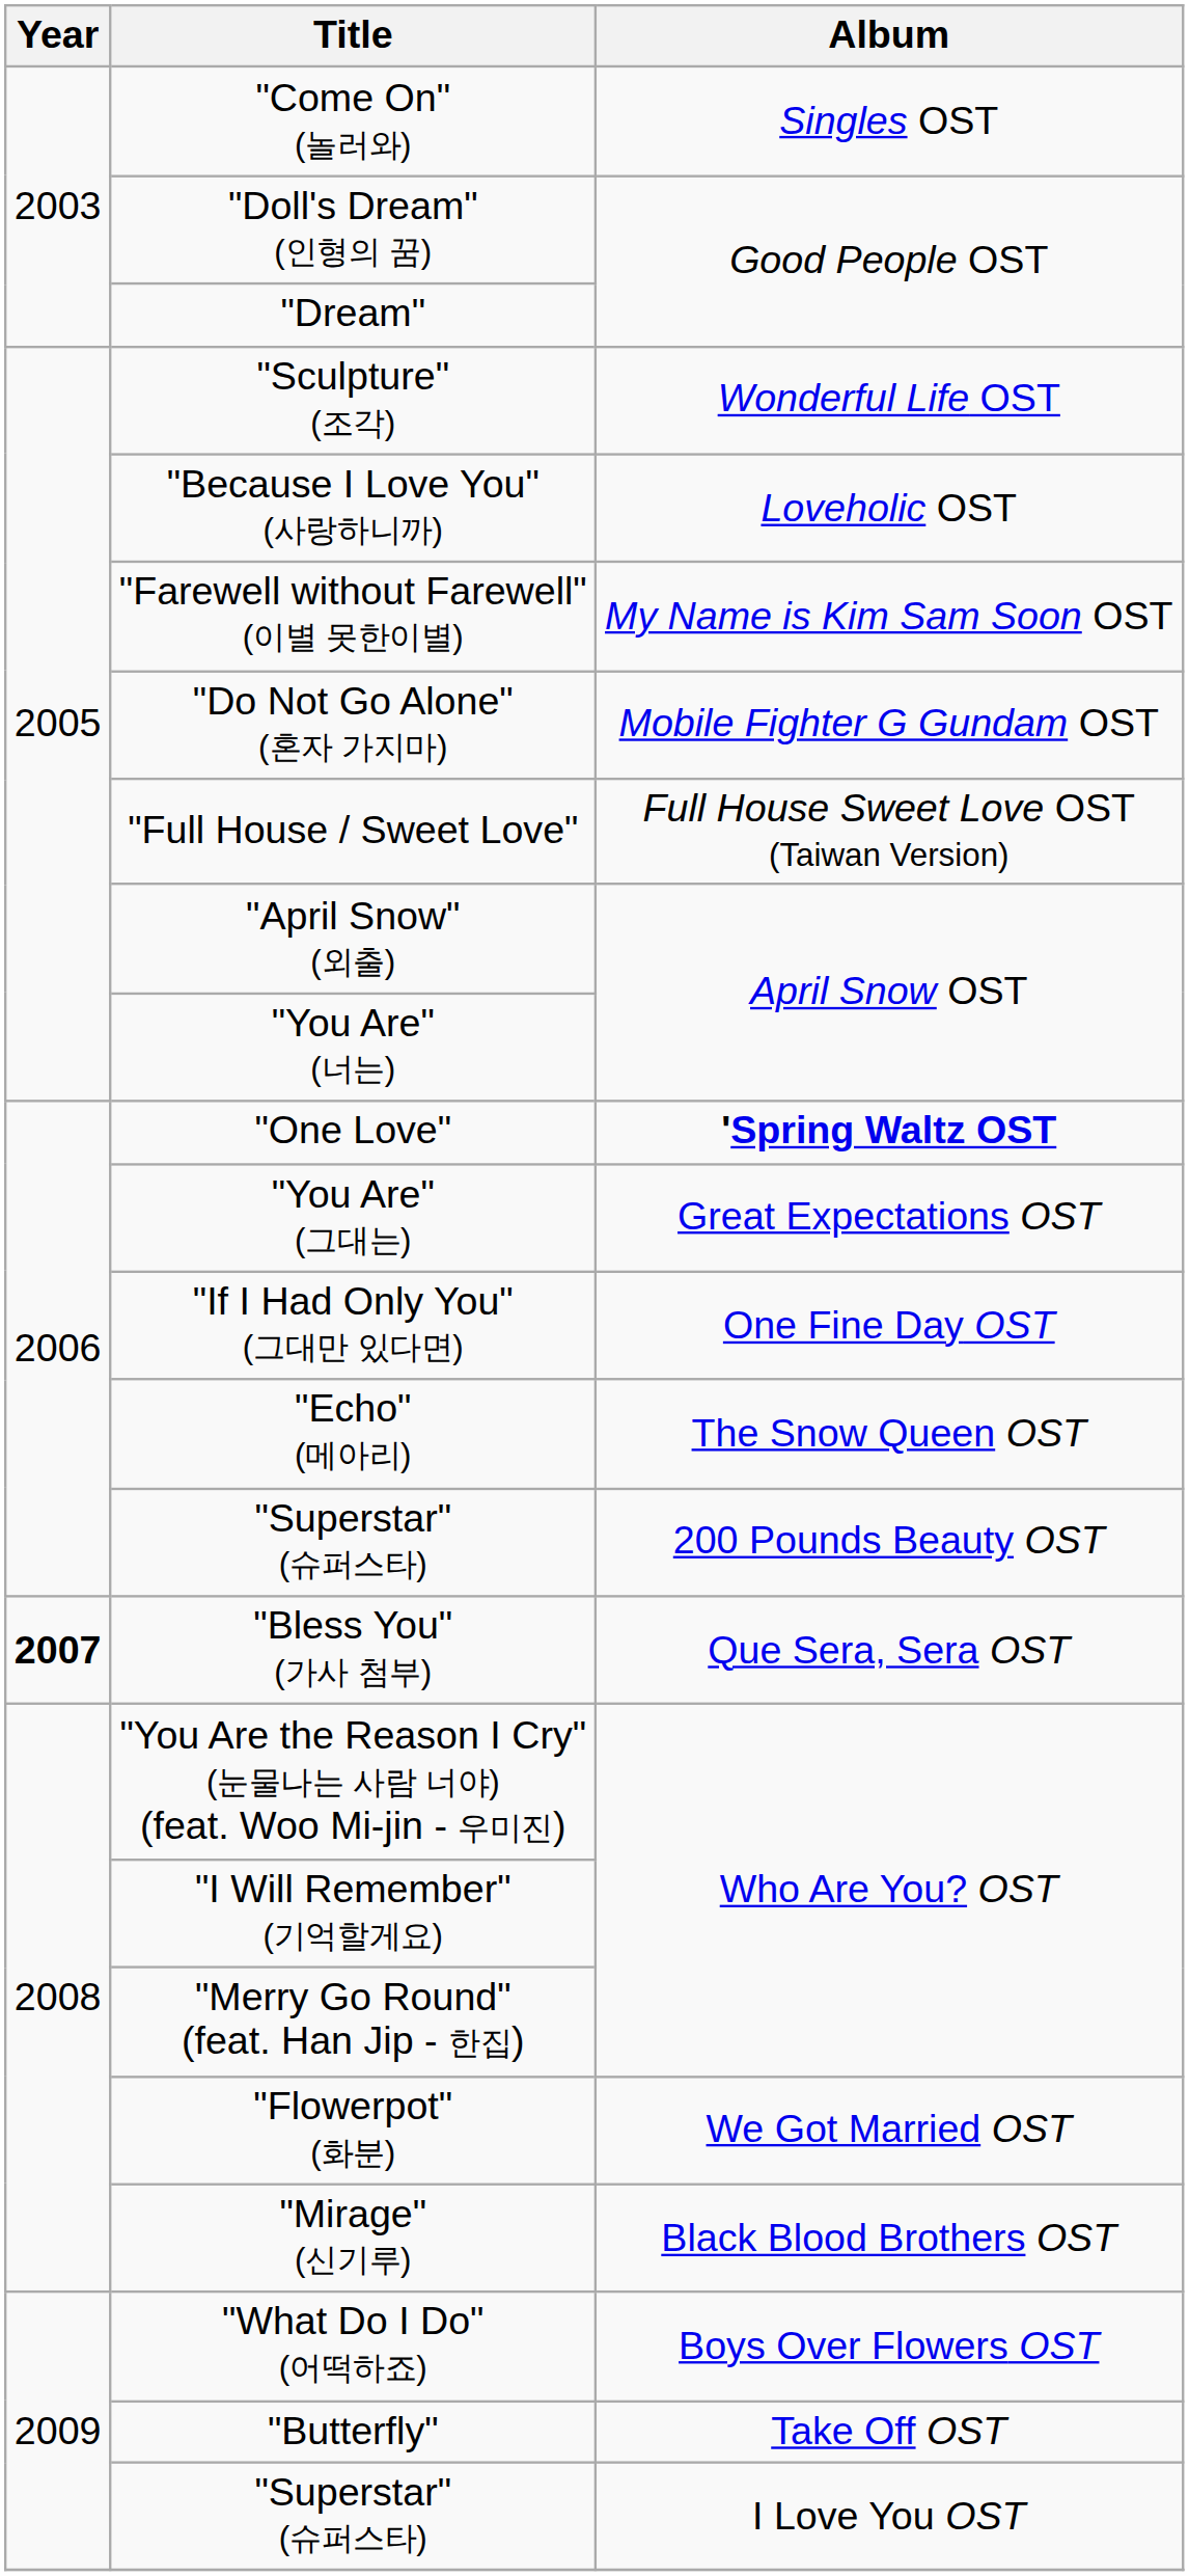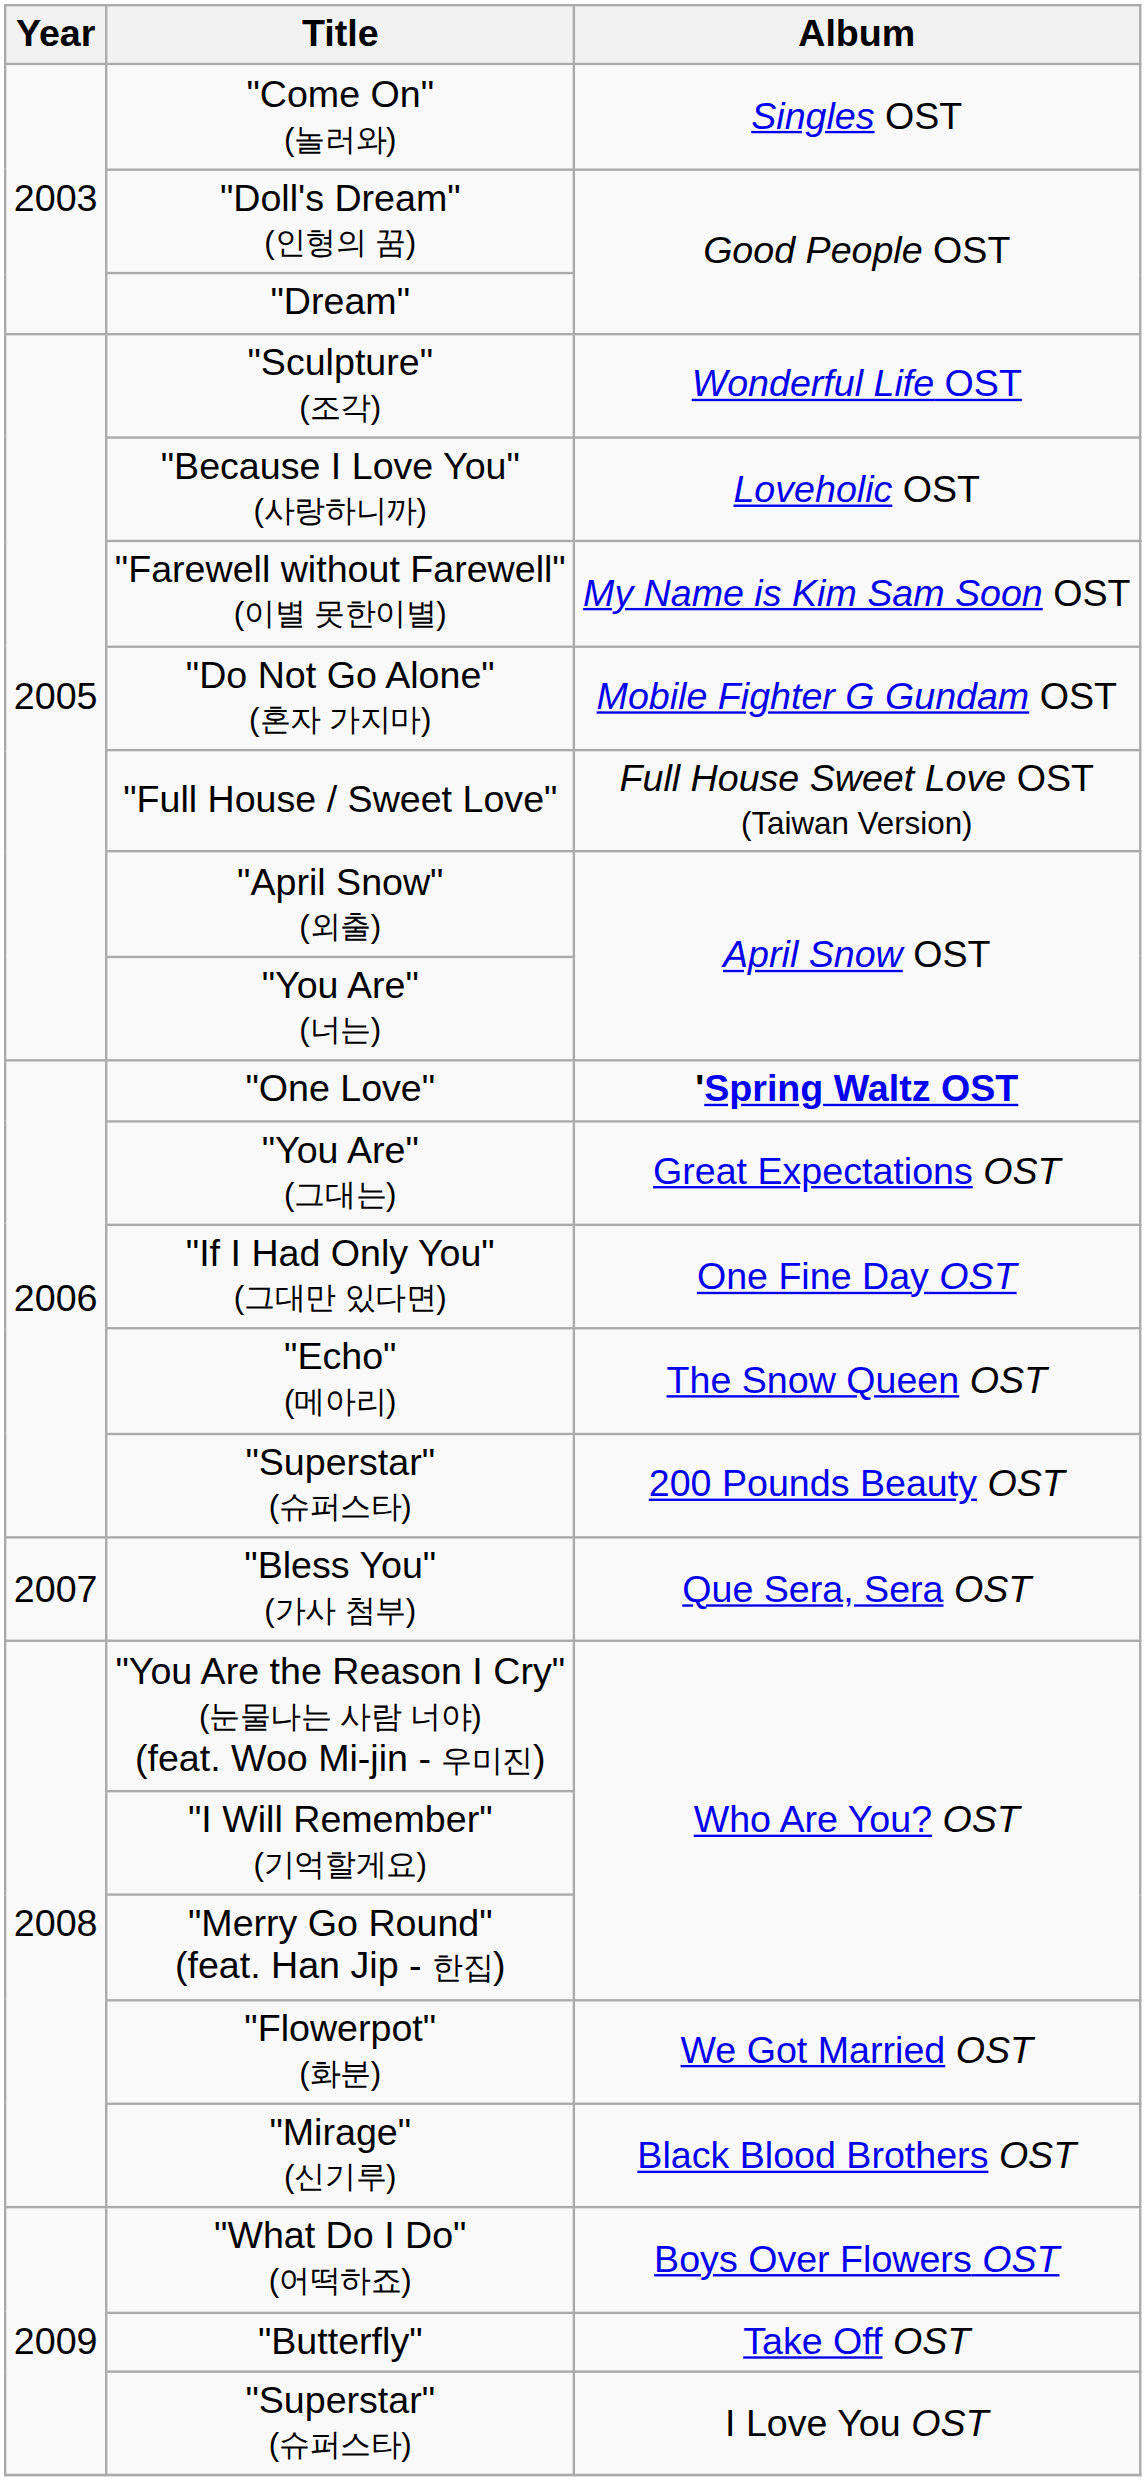 <table class="wikitable" style="text-align: center;">
 <tr>
 <th>Year</th>
 <th>Title</th>
 <th>Album</th>
 </tr>
 <tr>
 <td rowspan="3">2003</td>
 <td>"Come On" <br><small>(놀러와)</small></td>
 <td><a href='#'><em>Singles</em></a> OST</td>
 </tr>
 <tr>
 <td>"Doll's Dream" <br><small>(인형의 꿈)</small></td>
 <td rowspan="2"><em>Good People</em> OST</td>
 </tr>
 <tr>
 <td>"Dream"</td>
 </tr>
 <tr>
 <td rowspan="7">2005</td>
 <td>"Sculpture" <br><small>(조각)</small></td>
 <td><a href='#'><em>Wonderful Life</em> OST</a></td>
 </tr>
 <tr>
 <td>"Because I Love You" <br><small>(사랑하니까)</small></td>
 <td><em><a href='#'>Loveholic</a></em> OST</td>
 </tr>
 <tr>
 <td>"Farewell without Farewell" <br><small>(이별 못한이별)</small></td>
 <td><em><a href='#'>My Name is Kim Sam Soon</a></em> OST</td>
 </tr>
 <tr>
 <td>"Do Not Go Alone" <br><small>(혼자 가지마)</small></td>
 <td><em><a href='#'>Mobile Fighter G Gundam</a></em> OST</td>
 </tr>
 <tr>
 <td>"Full House / Sweet Love"</td>
 <td><em>Full House Sweet Love</em> OST <br><small>(Taiwan Version)</small></td>
 </tr>
 <tr>
 <td>"April Snow" <br><small>(외출)</small></td>
 <td rowspan="2"><em><a href='#'>April Snow</a></em> OST</td>
 </tr>
 <tr>
 <td>"You Are" <br><small>(너는)</small></td>
 </tr>
 <tr>
 <td rowspan="5">2006</td>
 <td>"One Love"</td>
 <td><strong>'<a href='#'>Spring Waltz OST</a><em></td>
 </tr>
 <tr>
 <td>"You Are" <br><small>(그대는)</small></td>
 <td></em><a href='#'>Great Expectations</a><em> OST</td>
 </tr>
 <tr>
 <td>"If I Had Only You" <br><small>(그대만 있다면)</small></td>
 <td><a href='#'></em>One Fine Day<em> OST</a></td>
 </tr>
 <tr>
 <td>"Echo" <br><small>(메아리)</small></td>
 <td><a href='#'></em>The Snow Queen<em></a> OST</td>
 </tr>
 <tr>
 <td>"Superstar" <br><small>(슈퍼스타)</small></td>
 <td></em><a href='#'>200 Pounds Beauty</a><em> OST</td>
 </tr>
 <tr>
-<td><strong>2007</strong></td>
+<td>2007</td>
 <td>"Bless You" <br><small>(가사 첨부)</small></td>
 <td><a href='#'></em>Que Sera, Sera<em></a> OST</td>
 </tr>
 <tr>
 <td rowspan="5">2008</td>
 <td>"You Are the Reason I Cry" <br><small>(눈물나는 사람 너야)</small> <br> (feat. Woo Mi-jin - <small>우미진</small>)</td>
 <td rowspan="3"></em><a href='#'>Who Are You?</a><em> OST</td>
 </tr>
 <tr>
 <td>"I Will Remember" <br><small>(기억할게요)</small></td>
 </tr>
 <tr>
 <td>"Merry Go Round" <br> (feat. Han Jip - <small>한집</small>)</td>
 </tr>
 <tr>
 <td>"Flowerpot" <br><small>(화분)</small></td>
 <td></em><a href='#'>We Got Married</a><em> OST</td>
 </tr>
 <tr>
 <td>"Mirage" <br><small>(신기루)</small></td>
 <td></em><a href='#'>Black Blood Brothers</a><em> OST</td>
 </tr>
 <tr>
 <td rowspan="3">2009</td>
 <td>"What Do I Do" <br><small>(어떡하죠)</small></td>
 <td><a href='#'></em>Boys Over Flowers<em> OST</a></td>
 </tr>
 <tr>
 <td>"Butterfly"</td>
 <td><a href='#'></em>Take Off<em></a> OST</td>
 </tr>
 <tr>
 <td>"Superstar" <br><small>(슈퍼스타)</small></td>
 <td></em>I Love You<em> OST</td>
 </tr>
 <tr>
 </tr>
 </table>
